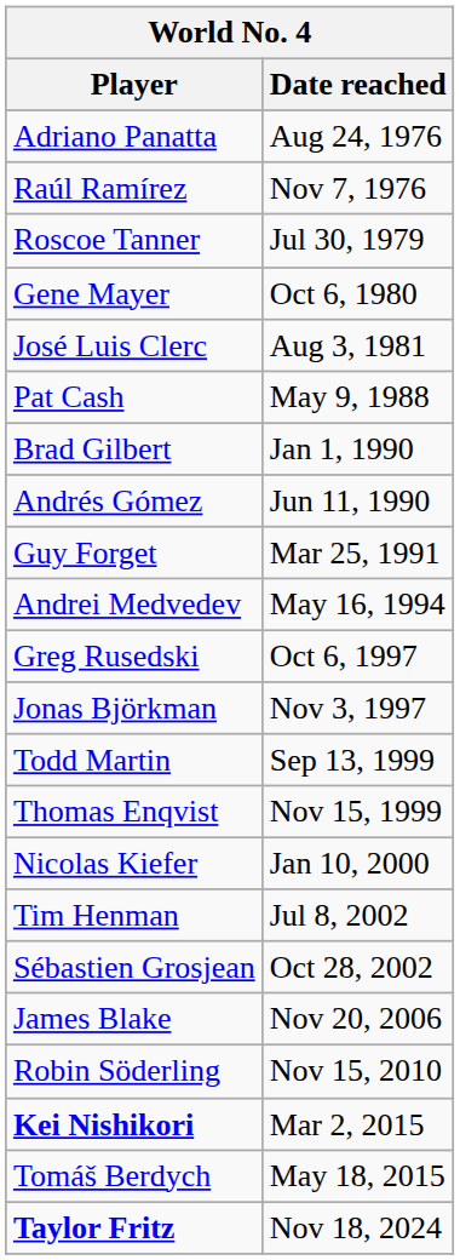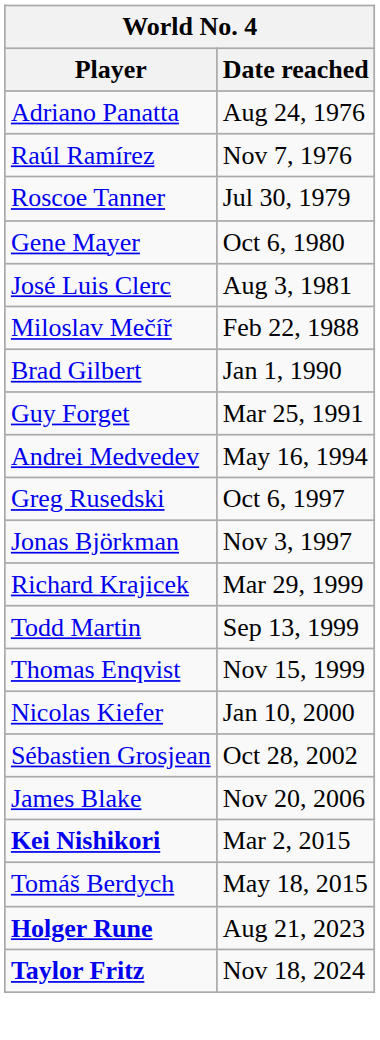 <table class="wikitable nowrap" style="display:inline-table; font-size:95%">
 <tr>
 <th colspan="2">World No. 4</th>
 </tr>
 <tr>
 <th>Player</th>
 <th>Date reached</th>
 </tr>
 <tr>
 <td> <a href='#'>Adriano Panatta</a></td>
 <td>Aug 24, 1976</td>
 </tr>
 <tr>
 <td> <a href='#'>Raúl Ramírez</a></td>
 <td>Nov 7, 1976</td>
 </tr>
 <tr>
 <td> <a href='#'>Roscoe Tanner</a></td>
 <td>Jul 30, 1979</td>
 </tr>
 <tr>
 <td> <a href='#'>Gene Mayer</a></td>
 <td>Oct 6, 1980</td>
 </tr>
 <tr>
 <td> <a href='#'>José Luis Clerc</a></td>
 <td>Aug 3, 1981</td>
 </tr>
 <tr>
-<td> <a href='#'>Pat Cash</a></td>
-<td>May 9, 1988</td>
+<td> <a href='#'>Miloslav Mečíř</a></td>
+<td>Feb 22, 1988</td>
 </tr>
 <tr>
 <td> <a href='#'>Brad Gilbert</a></td>
 <td>Jan 1, 1990</td>
-</tr>
-<tr>
-<td> <a href='#'>Andrés Gómez</a></td>
-<td>Jun 11, 1990</td>
 </tr>
 <tr>
 <td> <a href='#'>Guy Forget</a></td>
 <td>Mar 25, 1991</td>
 </tr>
 <tr>
 <td> <a href='#'>Andrei Medvedev</a></td>
 <td>May 16, 1994</td>
 </tr>
 <tr>
 <td> <a href='#'>Greg Rusedski</a></td>
 <td>Oct 6, 1997</td>
 </tr>
 <tr>
 <td> <a href='#'>Jonas Björkman</a></td>
 <td>Nov 3, 1997</td>
 </tr>
 <tr>
+<td> <a href='#'>Richard Krajicek</a></td>
+<td>Mar 29, 1999</td>
+</tr>
+<tr>
 <td> <a href='#'>Todd Martin</a></td>
 <td>Sep 13, 1999</td>
 </tr>
 <tr>
 <td> <a href='#'>Thomas Enqvist</a></td>
 <td>Nov 15, 1999</td>
 </tr>
 <tr>
 <td> <a href='#'>Nicolas Kiefer</a></td>
 <td>Jan 10, 2000</td>
 </tr>
 <tr>
-<td> <a href='#'>Tim Henman</a></td>
-<td>Jul 8, 2002</td>
-</tr>
-<tr>
 <td> <a href='#'>Sébastien Grosjean</a></td>
 <td>Oct 28, 2002</td>
 </tr>
 <tr>
 <td> <a href='#'>James Blake</a></td>
 <td>Nov 20, 2006</td>
-</tr>
-<tr>
-<td> <a href='#'>Robin Söderling</a></td>
-<td>Nov 15, 2010</td>
 </tr>
 <tr>
 <td> <strong><a href='#'>Kei Nishikori</a></strong></td>
 <td>Mar 2, 2015</td>
 </tr>
 <tr>
 <td> <a href='#'>Tomáš Berdych</a></td>
 <td>May 18, 2015</td>
 </tr>
 <tr>
+<td> <strong><a href='#'>Holger Rune</a></strong></td>
+<td>Aug 21, 2023</td>
+</tr>
+<tr>
 <td> <strong><a href='#'>Taylor Fritz</a></strong></td>
 <td>Nov 18, 2024</td>
 </tr>
 </table>
